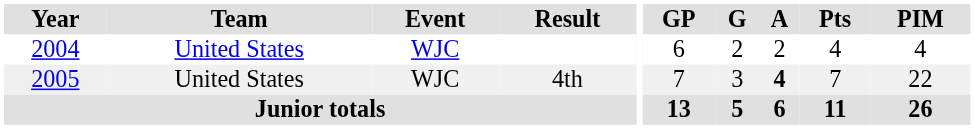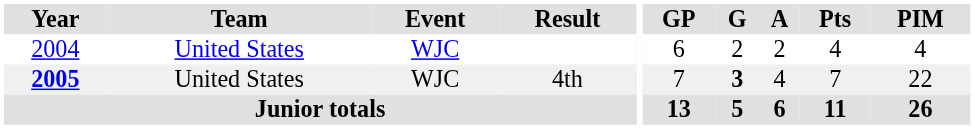 <table border="0" cellpadding="1" cellspacing="0" ID="Table3" style="text-align:center; width:40em">
 <tr ALIGN="center" bgcolor="#e0e0e0">
 <th>Year</th>
 <th>Team</th>
 <th>Event</th>
 <th>Result</th>
 <th rowspan="99" bgcolor="#ffffff"></th>
 <th>GP</th>
 <th>G</th>
 <th>A</th>
 <th>Pts</th>
 <th>PIM</th>
 </tr>
 <tr>
 <td><a href='#'>2004</a></td>
 <td><a href='#'>United States</a></td>
 <td><a href='#'>WJC</a></td>
 <td></td>
 <td>6</td>
 <td>2</td>
 <td>2</td>
 <td>4</td>
 <td>4</td>
 </tr>
 <tr bgcolor="#f0f0f0">
-<td><a href='#'>2005</a></td>
+<td><strong><a href='#'>2005</a></strong></td>
 <td>United States</td>
 <td>WJC</td>
 <td>4th</td>
 <td>7</td>
-<td>3</td>
-<td><strong>4</strong></td>
+<td><strong>3</strong></td>
+<td>4</td>
 <td>7</td>
 <td>22</td>
 </tr>
 <tr bgcolor="#e0e0e0">
 <th colspan="4">Junior totals</th>
 <th>13</th>
 <th>5</th>
 <th>6</th>
 <th>11</th>
 <th>26</th>
 </tr>
 </table>
